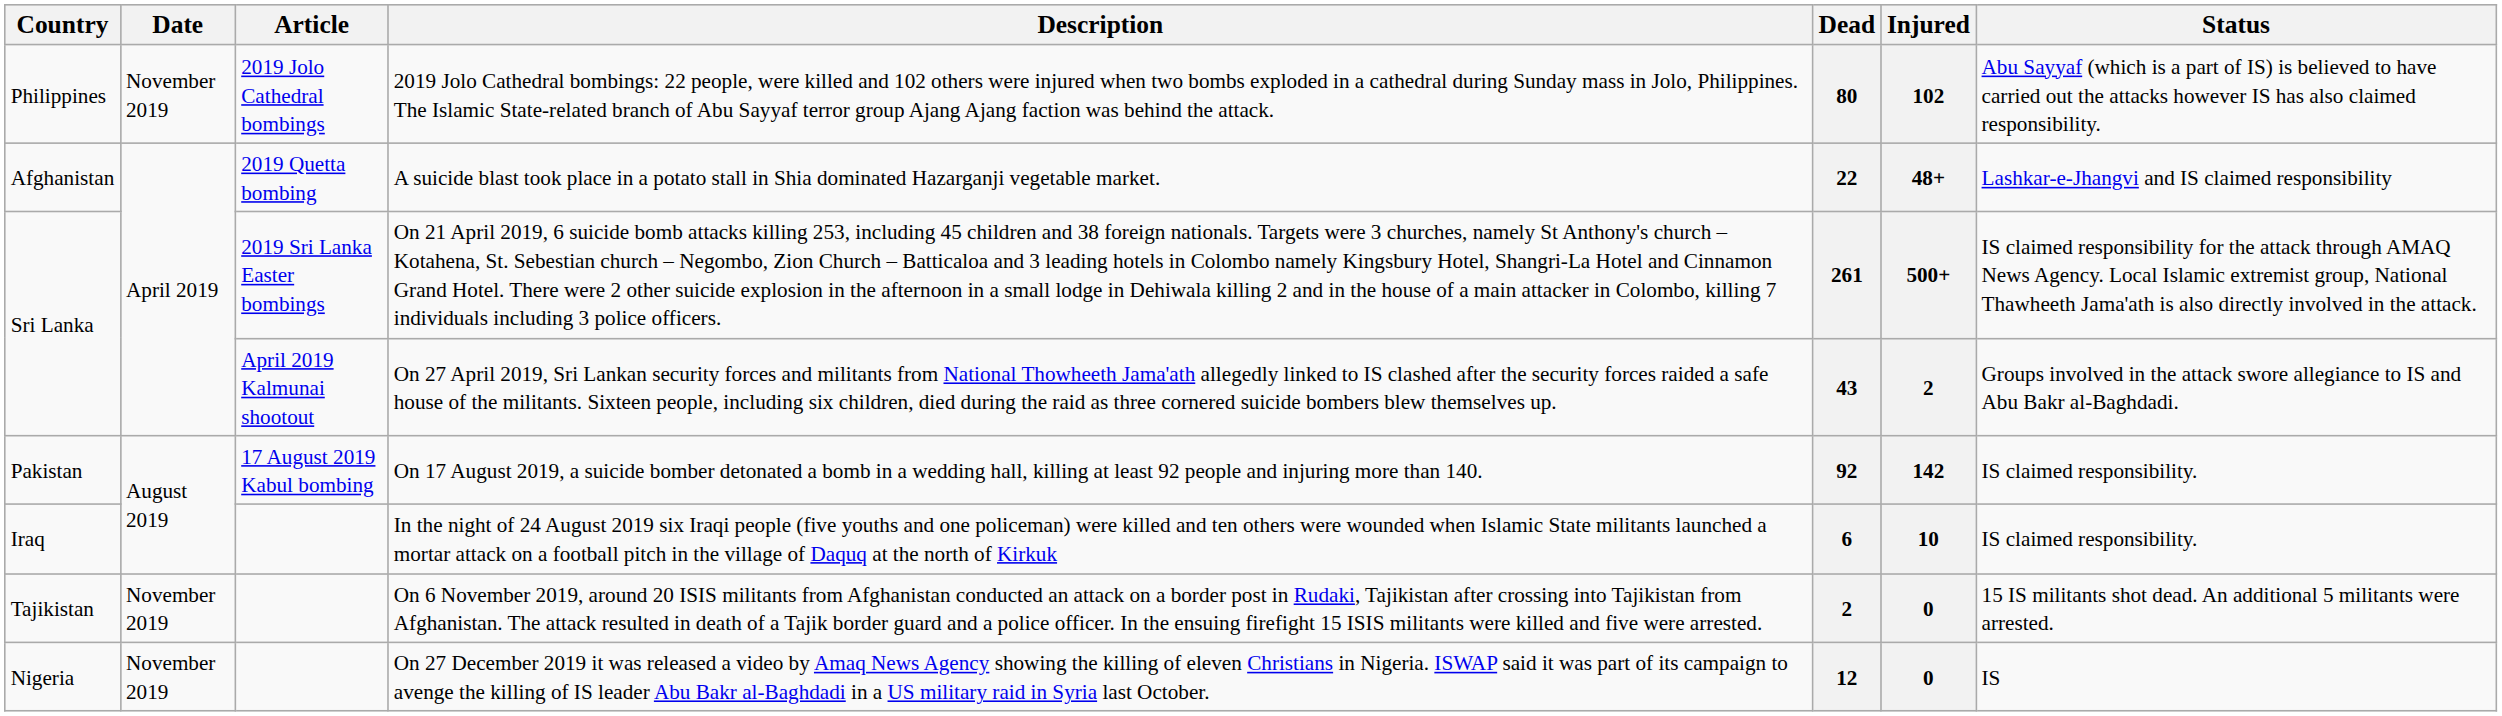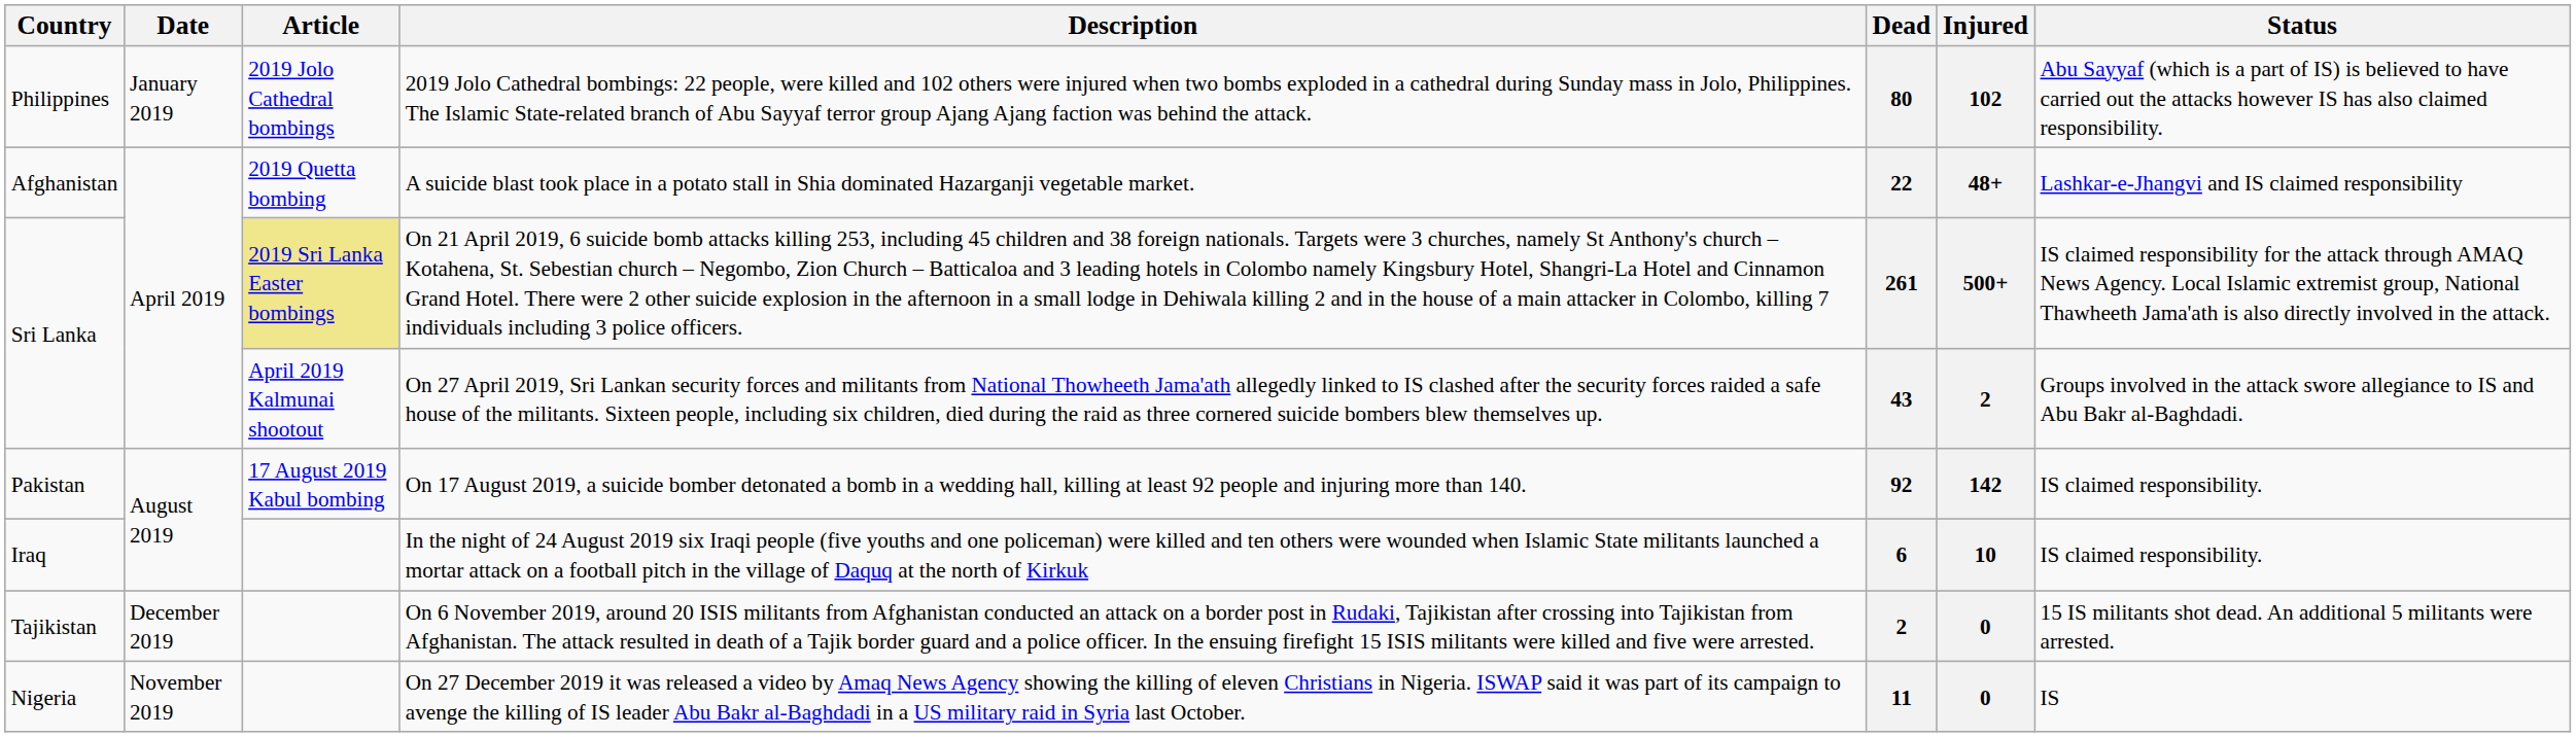 <table class="wikitable sortable">
 <tr>
 <th>Country</th>
 <th>Date</th>
 <th>Article</th>
 <th>Description</th>
 <th>Dead</th>
 <th>Injured</th>
 <th>Status</th>
 </tr>
 <tr>
 <td><small>Philippines</small></td>
-<td><small>November 2019</small></td>
+<td><small>January</small><br><small>2019</small></td>
 <td><a href='#'><small>2019 Jolo Cathedral bombings</small></a></td>
 <td><small>2019 Jolo Cathedral bombings: 22 people, were killed and 102 others were injured when two bombs exploded in a cathedral during Sunday mass in Jolo, Philippines. The Islamic State-related branch of Abu Sayyaf terror group Ajang Ajang faction was behind the attack.</small></td>
 <th><small>80</small></th>
 <th><small>102</small></th>
 <td><small><a href='#'>Abu Sayyaf</a> (which is a part of IS) is believed to have carried out the attacks however IS has also claimed responsibility.</small></td>
 </tr>
 <tr>
 <td><small>Afghanistan</small></td>
 <td rowspan="3"><small>April 2019</small></td>
 <td><a href='#'><small>2019 Quetta bombing</small></a></td>
 <td><small>A suicide blast took place in a potato stall in Shia dominated Hazarganji vegetable market.</small></td>
 <th><small>22</small></th>
 <th><small>48+</small></th>
 <td><small><a href='#'>Lashkar-e-Jhangvi</a> and IS claimed responsibility</small></td>
 </tr>
 <tr>
 <td rowspan="2"><small>Sri Lanka</small></td>
-<td><a href='#'><small>2019 Sri Lanka Easter bombings</small></a></td>
+<td style="background: khaki;"><a href='#'><small>2019 Sri Lanka Easter bombings</small></a></td>
 <td><small>On 21 April 2019, 6 suicide bomb attacks killing 253, including 45 children and 38 foreign nationals. Targets were 3 churches, namely St Anthony's church – Kotahena, St. Sebestian church – Negombo, Zion Church – Batticaloa and 3 leading hotels in Colombo namely Kingsbury Hotel, Shangri-La Hotel and Cinnamon Grand Hotel. There were 2 other suicide explosion in the afternoon in a small lodge in Dehiwala killing 2 and in the house of a main attacker in Colombo, killing 7 individuals including 3 police officers.</small></td>
 <th><small>261</small></th>
 <th><small>500+</small></th>
 <td><small>IS claimed responsibility for the attack through AMAQ News Agency. Local Islamic extremist group, National Thawheeth Jama'ath is also directly involved in the attack.</small></td>
 </tr>
 <tr>
 <td><a href='#'><small>April 2019 Kalmunai shootout</small></a></td>
 <td><small>On 27 April 2019, Sri Lankan security forces and militants from <a href='#'>National Thowheeth Jama'ath</a> allegedly linked to IS clashed after the security forces raided a safe house of the militants. Sixteen people, including six children, died during the raid as three cornered suicide bombers blew themselves up.</small></td>
 <th><small>43</small></th>
 <th><small>2</small></th>
 <td><small>Groups involved in the attack swore allegiance to IS and Abu Bakr al-Baghdadi.</small></td>
 </tr>
 <tr>
 <td><small>Pakistan</small></td>
 <td rowspan="2"><small>August 2019</small></td>
 <td><a href='#'><small>17 August 2019 Kabul bombing</small></a></td>
 <td><small>On 17 August 2019, a suicide bomber detonated a bomb in a wedding hall, killing at least 92 people and injuring more than 140.</small></td>
 <th><small>92</small></th>
 <th><small>142</small></th>
 <td><small>IS claimed responsibility.</small></td>
 </tr>
 <tr>
 <td><small>Iraq</small></td>
 <td></td>
 <td><small>In the night of 24 August 2019 six Iraqi people (five youths and one policeman) were killed and ten others were wounded when Islamic State militants launched a mortar attack on a football pitch in the village of <a href='#'>Daquq</a> at the north of <a href='#'>Kirkuk</a></small></td>
 <th><small>6</small></th>
 <th><small>10</small></th>
 <td><small>IS claimed responsibility.</small></td>
 </tr>
 <tr>
 <td><small>Tajikistan</small></td>
-<td><small>November 2019</small></td>
+<td><small>December 2019</small></td>
 <td></td>
 <td><small>On 6 November 2019, around 20 ISIS militants from Afghanistan conducted an attack on a border post in <a href='#'>Rudaki</a>, Tajikistan after crossing into Tajikistan from Afghanistan. The attack resulted in death of a Tajik border guard and a police officer. In the ensuing firefight 15 ISIS militants were killed and five were arrested.</small></td>
 <th><small>2</small></th>
 <th><small>0</small></th>
 <td><small>15 IS militants shot dead. An additional 5 militants were arrested.</small></td>
 </tr>
 <tr>
 <td><small>Nigeria</small></td>
 <td><small>November 2019</small></td>
 <td></td>
 <td><small>On 27 December 2019 it was released a video by <a href='#'>Amaq News Agency</a> showing the killing of eleven <a href='#'>Christians</a> in Nigeria. <a href='#'>ISWAP</a> said it was part of its campaign to avenge the killing of IS leader <a href='#'>Abu Bakr al-Baghdadi</a> in a <a href='#'>US military raid in Syria</a> last October.</small></td>
-<th><small>12</small></th>
+<th><small>11</small></th>
 <th><small>0</small></th>
 <td><small>IS</small></td>
 </tr>
 </table>
